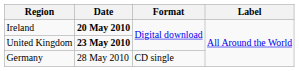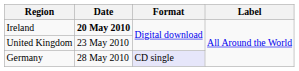 <table class="wikitable">
 <tr>
 <th>Region</th>
 <th>Date</th>
 <th>Format</th>
 <th>Label</th>
 </tr>
 <tr>
 <td>Ireland</td>
 <td><strong>20 May 2010</strong></td>
 <td rowspan="2"><a href='#'>Digital download</a></td>
 <td rowspan="3"><a href='#'>All Around the World</a></td>
 </tr>
 <tr>
 <td>United Kingdom</td>
-<td><strong>23 May 2010</strong></td>
+<td>23 May 2010</td>
 </tr>
 <tr>
 <td>Germany</td>
 <td>28 May 2010</td>
-<td>CD single</td>
+<td style="background: lavender;">CD single</td>
 </tr>
 </table>
